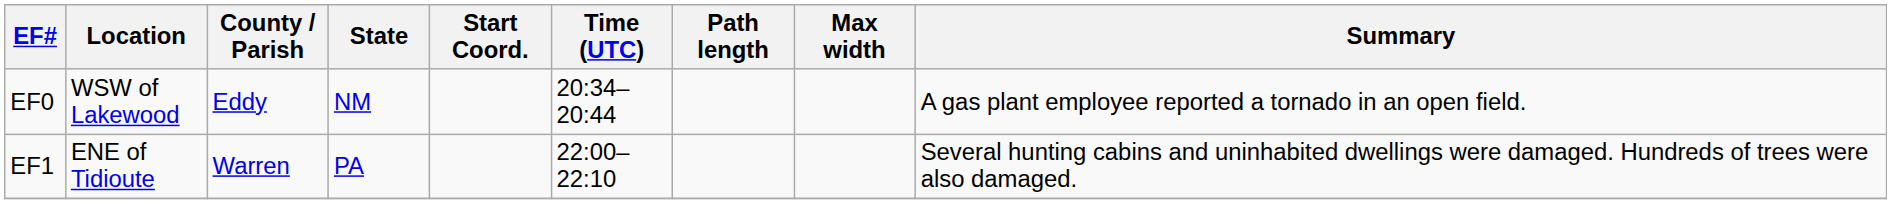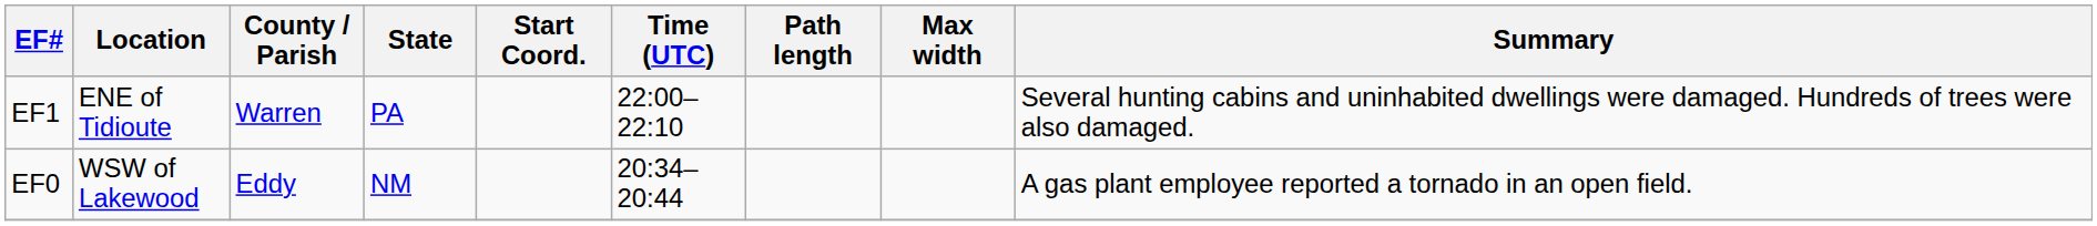 <table class="wikitable sortable" style="width:100%;">
 <tr>
 <th scope="col"  style="width:3%; text-align:center;"><a href='#'>EF#</a></th>
 <th scope="col"  style="width:7%; text-align:center;" class="unsortable">Location</th>
 <th scope="col"  style="width:6%; text-align:center;" class="unsortable">County / Parish</th>
 <th scope="col"  style="width:5%; text-align:center;">State</th>
 <th scope="col"  style="width:6%; text-align:center;">Start Coord.</th>
 <th scope="col"  style="width:6%; text-align:center;">Time (<a href='#'>UTC</a>)</th>
 <th scope="col"  style="width:6%; text-align:center;">Path length</th>
 <th scope="col"  style="width:6%; text-align:center;">Max width</th>
 <th scope="col" class="unsortable" style="width:48%; text-align:center;">Summary</th>
 </tr>
 <tr>
+<td>EF1</td>
+<td>ENE of <a href='#'>Tidioute</a></td>
+<td><a href='#'>Warren</a></td>
+<td><a href='#'>PA</a></td>
+<td></td>
+<td>22:00–22:10</td>
+<td></td>
+<td></td>
+<td>Several hunting cabins and uninhabited dwellings were damaged. Hundreds of trees were also damaged.</td>
+</tr>
+<tr>
 <td>EF0</td>
 <td>WSW of <a href='#'>Lakewood</a></td>
 <td><a href='#'>Eddy</a></td>
 <td><a href='#'>NM</a></td>
 <td></td>
 <td>20:34–20:44</td>
 <td></td>
 <td></td>
 <td>A gas plant employee reported a tornado in an open field.</td>
 </tr>
 <tr>
-<td>EF1</td>
-<td>ENE of <a href='#'>Tidioute</a></td>
-<td><a href='#'>Warren</a></td>
-<td><a href='#'>PA</a></td>
-<td></td>
-<td>22:00–22:10</td>
-<td></td>
-<td></td>
-<td>Several hunting cabins and uninhabited dwellings were damaged. Hundreds of trees were also damaged.</td>
-</tr>
-<tr>
 </tr>
 </table>
